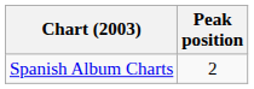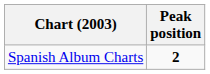 <table class="wikitable sortable">
 <tr>
 <th>Chart (2003)</th>
 <th>Peak<br>position</th>
 </tr>
 <tr>
 <td><a href='#'>Spanish Album Charts</a></td>
-<td align="center">2</td>
+<td align="center"><strong>2</strong></td>
 </tr>
 </table>
